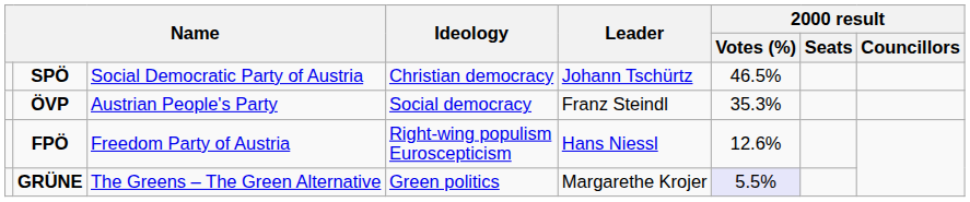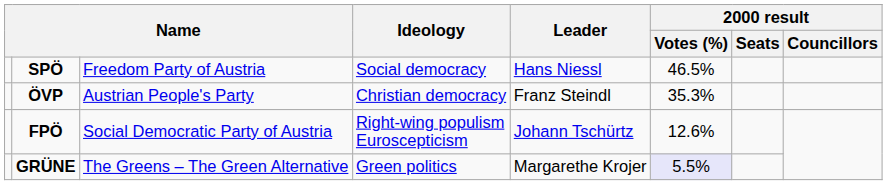 <table class="wikitable">
 <tr>
 <th rowspan="2" colspan="3">Name</th>
 <th rowspan="2">Ideology</th>
 <th rowspan="2">Leader</th>
 <th colspan="3">2000 result</th>
 </tr>
 <tr>
 <th>Votes (%)</th>
 <th>Seats</th>
 <th>Councillors</th>
 </tr>
 <tr>
 <td style="background:"></td>
 <td style="text-align:center;"><strong>SPÖ</strong></td>
-<td><a href='#'>Social Democratic Party of Austria</a><br></td>
-<td><a href='#'>Christian democracy</a></td>
-<td><a href='#'>Johann Tschürtz</a></td>
+<td><a href='#'>Freedom Party of Austria</a><br></td>
+<td><a href='#'>Social democracy</a></td>
+<td><a href='#'>Hans Niessl</a></td>
 <td style="text-align:center;">46.5%</td>
 <td></td>
 <td></td>
 </tr>
 <tr>
 <td style="background:"></td>
 <td style="text-align:center;"><strong>ÖVP</strong></td>
 <td><a href='#'>Austrian People's Party</a><br></td>
-<td><a href='#'>Social democracy</a></td>
+<td><a href='#'>Christian democracy</a></td>
 <td>Franz Steindl</td>
 <td style="text-align:center;">35.3%</td>
 <td></td>
 <td></td>
 </tr>
 <tr>
 <td style="background:"></td>
 <td style="text-align:center;"><strong>FPÖ</strong></td>
-<td><a href='#'>Freedom Party of Austria</a><br></td>
+<td><a href='#'>Social Democratic Party of Austria</a><br></td>
 <td><a href='#'>Right-wing populism</a><br><a href='#'>Euroscepticism</a></td>
-<td><a href='#'>Hans Niessl</a></td>
+<td><a href='#'>Johann Tschürtz</a></td>
 <td style="text-align:center;">12.6%</td>
 <td></td>
 </tr>
 <tr>
 <td style="background:"></td>
 <td style="text-align:center;"><strong>GRÜNE</strong></td>
 <td><a href='#'>The Greens – The Green Alternative</a><br></td>
 <td><a href='#'>Green politics</a></td>
 <td>Margarethe Krojer</td>
 <td style="background: lavender; text-align:center;">5.5%</td>
 <td></td>
 </tr>
 </table>
